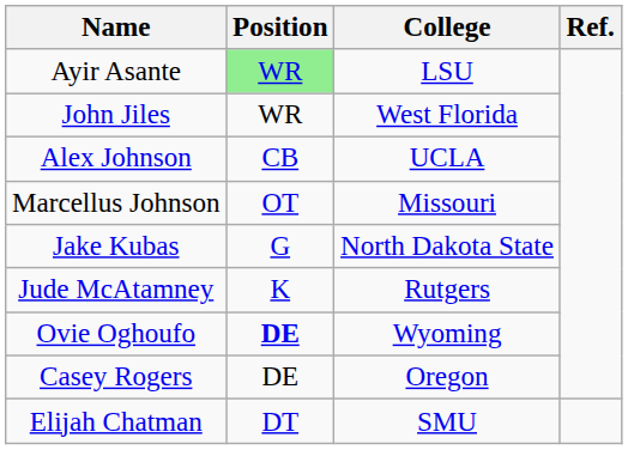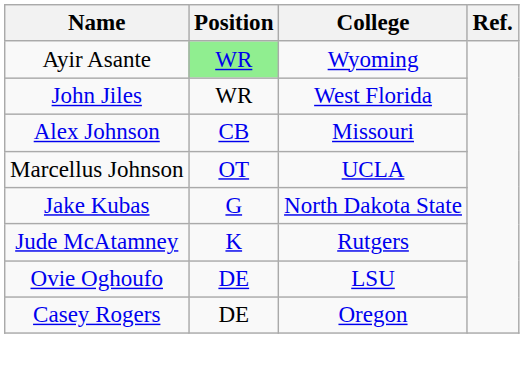 <table class="wikitable" style="text-align:center">
 <tr>
 <th>Name</th>
 <th>Position</th>
 <th>College</th>
 <th>Ref.</th>
 </tr>
 <tr>
 <td>Ayir Asante</td>
 <td style="background: lightgreen;"><a href='#'>WR</a></td>
-<td><a href='#'>LSU</a></td>
+<td><a href='#'>Wyoming</a></td>
 <td rowspan="8"></td>
 </tr>
 <tr>
 <td><a href='#'>John Jiles</a></td>
 <td>WR</td>
 <td><a href='#'>West Florida</a></td>
 </tr>
 <tr>
 <td><a href='#'>Alex Johnson</a></td>
 <td><a href='#'>CB</a></td>
-<td><a href='#'>UCLA</a></td>
+<td><a href='#'>Missouri</a></td>
 </tr>
 <tr>
 <td>Marcellus Johnson</td>
 <td><a href='#'>OT</a></td>
-<td><a href='#'>Missouri</a></td>
+<td><a href='#'>UCLA</a></td>
 </tr>
 <tr>
 <td><a href='#'>Jake Kubas</a></td>
 <td><a href='#'>G</a></td>
 <td><a href='#'>North Dakota State</a></td>
 </tr>
 <tr>
 <td><a href='#'>Jude McAtamney</a></td>
 <td><a href='#'>K</a></td>
 <td><a href='#'>Rutgers</a> <br> </td>
 </tr>
 <tr>
 <td><a href='#'>Ovie Oghoufo</a></td>
-<td><strong><a href='#'>DE</a></strong></td>
-<td><a href='#'>Wyoming</a></td>
+<td><a href='#'>DE</a></td>
+<td><a href='#'>LSU</a></td>
 </tr>
 <tr>
 <td><a href='#'>Casey Rogers</a></td>
 <td>DE</td>
 <td><a href='#'>Oregon</a></td>
 </tr>
-<tr>
-<td><a href='#'>Elijah Chatman</a></td>
-<td><a href='#'>DT</a></td>
-<td><a href='#'>SMU</a></td>
-<td></td>
-</tr>
 </table>
